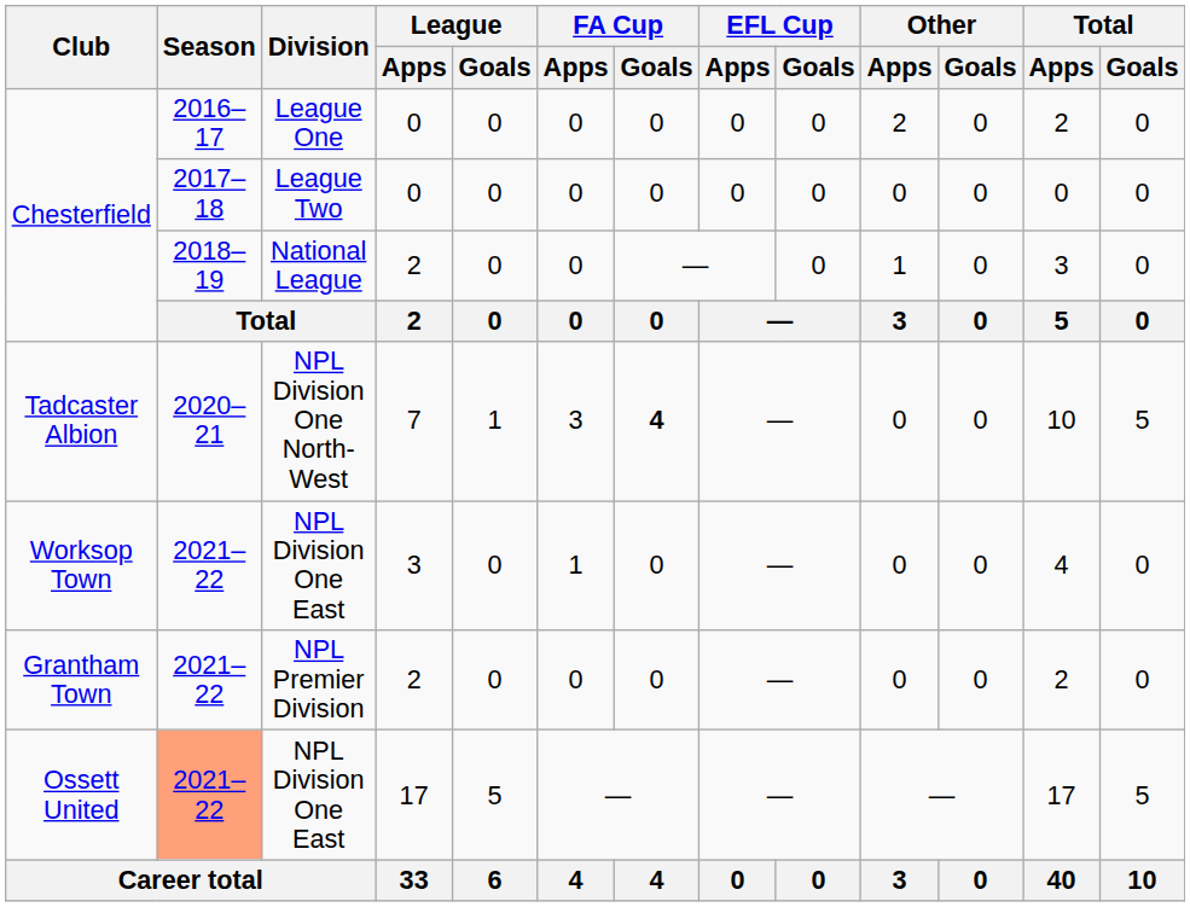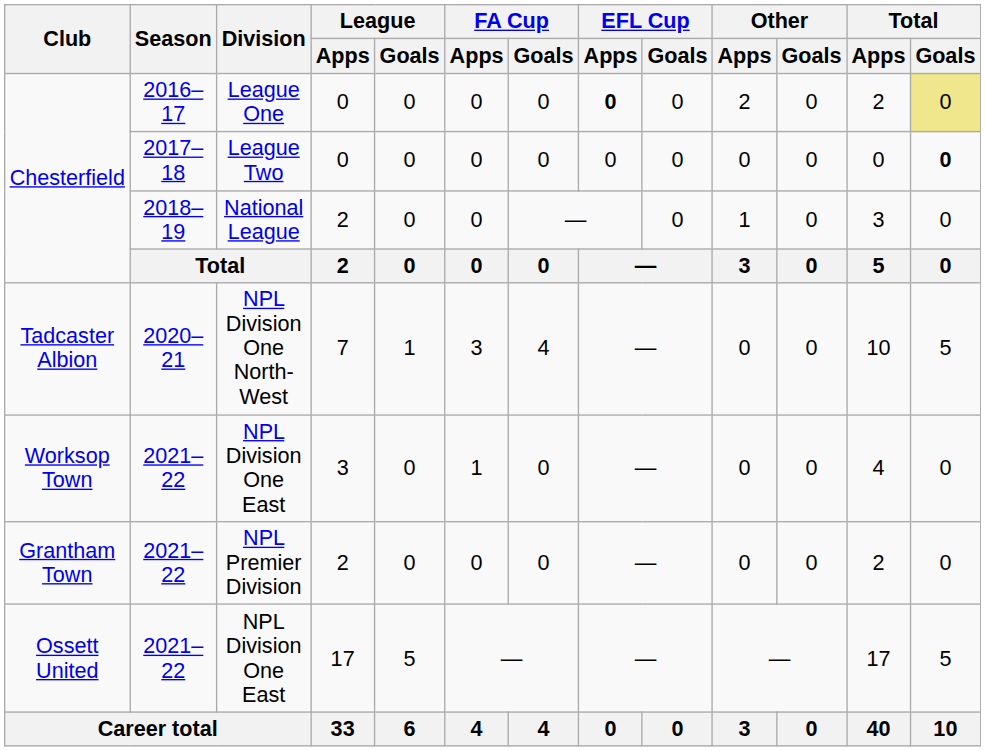 <table class="wikitable" style="text-align:center;">
 <tr>
 <th rowspan="2">Club</th>
 <th rowspan="2">Season</th>
 <th rowspan="2">Division</th>
 <th colspan="2">League</th>
 <th colspan="2"><a href='#'>FA Cup</a></th>
 <th colspan="2"><a href='#'>EFL Cup</a></th>
 <th colspan="2">Other</th>
 <th colspan="2">Total</th>
 </tr>
 <tr>
 <th>Apps</th>
 <th>Goals</th>
 <th>Apps</th>
 <th>Goals</th>
 <th>Apps</th>
 <th>Goals</th>
 <th>Apps</th>
 <th>Goals</th>
 <th>Apps</th>
 <th>Goals</th>
 </tr>
 <tr>
 <td rowspan=4><a href='#'>Chesterfield</a></td>
 <td><a href='#'>2016–17</a></td>
 <td><a href='#'>League One</a></td>
 <td>0</td>
 <td>0</td>
 <td>0</td>
 <td>0</td>
-<td>0</td>
+<td><strong>0</strong></td>
 <td>0</td>
 <td>2</td>
 <td>0</td>
 <td>2</td>
-<td>0</td>
+<td style="background: khaki;">0</td>
 </tr>
 <tr>
 <td><a href='#'>2017–18</a></td>
 <td><a href='#'>League Two</a></td>
 <td>0</td>
 <td>0</td>
 <td>0</td>
 <td>0</td>
 <td>0</td>
 <td>0</td>
 <td>0</td>
 <td>0</td>
 <td>0</td>
-<td>0</td>
+<td><strong>0</strong></td>
 </tr>
 <tr>
 <td><a href='#'>2018–19</a></td>
 <td><a href='#'>National League</a></td>
 <td>2</td>
 <td>0</td>
 <td>0</td>
 <td colspan="2">—</td>
 <td>0</td>
 <td>1</td>
 <td>0</td>
 <td>3</td>
 <td>0</td>
 </tr>
 <tr>
 <th colspan=2>Total</th>
 <th>2</th>
 <th>0</th>
 <th>0</th>
 <th>0</th>
 <th colspan="2">—</th>
 <th>3</th>
 <th>0</th>
 <th>5</th>
 <th>0</th>
 </tr>
 <tr>
 <td><a href='#'>Tadcaster Albion</a></td>
 <td><a href='#'>2020–21</a></td>
 <td><a href='#'>NPL</a> Division One North-West</td>
 <td>7</td>
 <td>1</td>
 <td>3</td>
-<td><strong>4</strong></td>
+<td>4</td>
 <td colspan="2">—</td>
 <td>0</td>
 <td>0</td>
 <td>10</td>
 <td>5</td>
 </tr>
 <tr>
 <td><a href='#'>Worksop Town</a></td>
 <td><a href='#'>2021–22</a></td>
 <td><a href='#'>NPL</a> Division One East</td>
 <td>3</td>
 <td>0</td>
 <td>1</td>
 <td>0</td>
 <td colspan="2">—</td>
 <td>0</td>
 <td>0</td>
 <td>4</td>
 <td>0</td>
 </tr>
 <tr>
 <td><a href='#'>Grantham Town</a></td>
 <td><a href='#'>2021–22</a></td>
 <td><a href='#'>NPL</a> Premier Division</td>
 <td>2</td>
 <td>0</td>
 <td>0</td>
 <td>0</td>
 <td colspan="2">—</td>
 <td>0</td>
 <td>0</td>
 <td>2</td>
 <td>0</td>
 </tr>
 <tr>
 <td><a href='#'>Ossett United</a></td>
-<td style="background: lightsalmon;"><a href='#'>2021–22</a></td>
+<td><a href='#'>2021–22</a></td>
 <td>NPL Division One East</td>
 <td>17</td>
 <td>5</td>
 <td colspan="2">—</td>
 <td colspan="2">—</td>
 <td colspan="2">—</td>
 <td>17</td>
 <td>5</td>
 </tr>
 <tr>
 <th colspan="3">Career total</th>
 <th>33</th>
 <th>6</th>
 <th>4</th>
 <th>4</th>
 <th>0</th>
 <th>0</th>
 <th>3</th>
 <th>0</th>
 <th>40</th>
 <th>10</th>
 </tr>
 </table>
